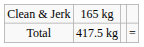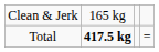 <table class = "wikitable" style="text-align:center;">
 <tr>
 <td>Clean & Jerk</td>
 <td>165 kg</td>
 <td align=left></td>
 <td></td>
 </tr>
 <tr>
 <td>Total</td>
-<td>417.5 kg</td>
+<td><strong>417.5 kg</strong></td>
 <td align=left></td>
 <td>=</td>
 </tr>
 </table>
